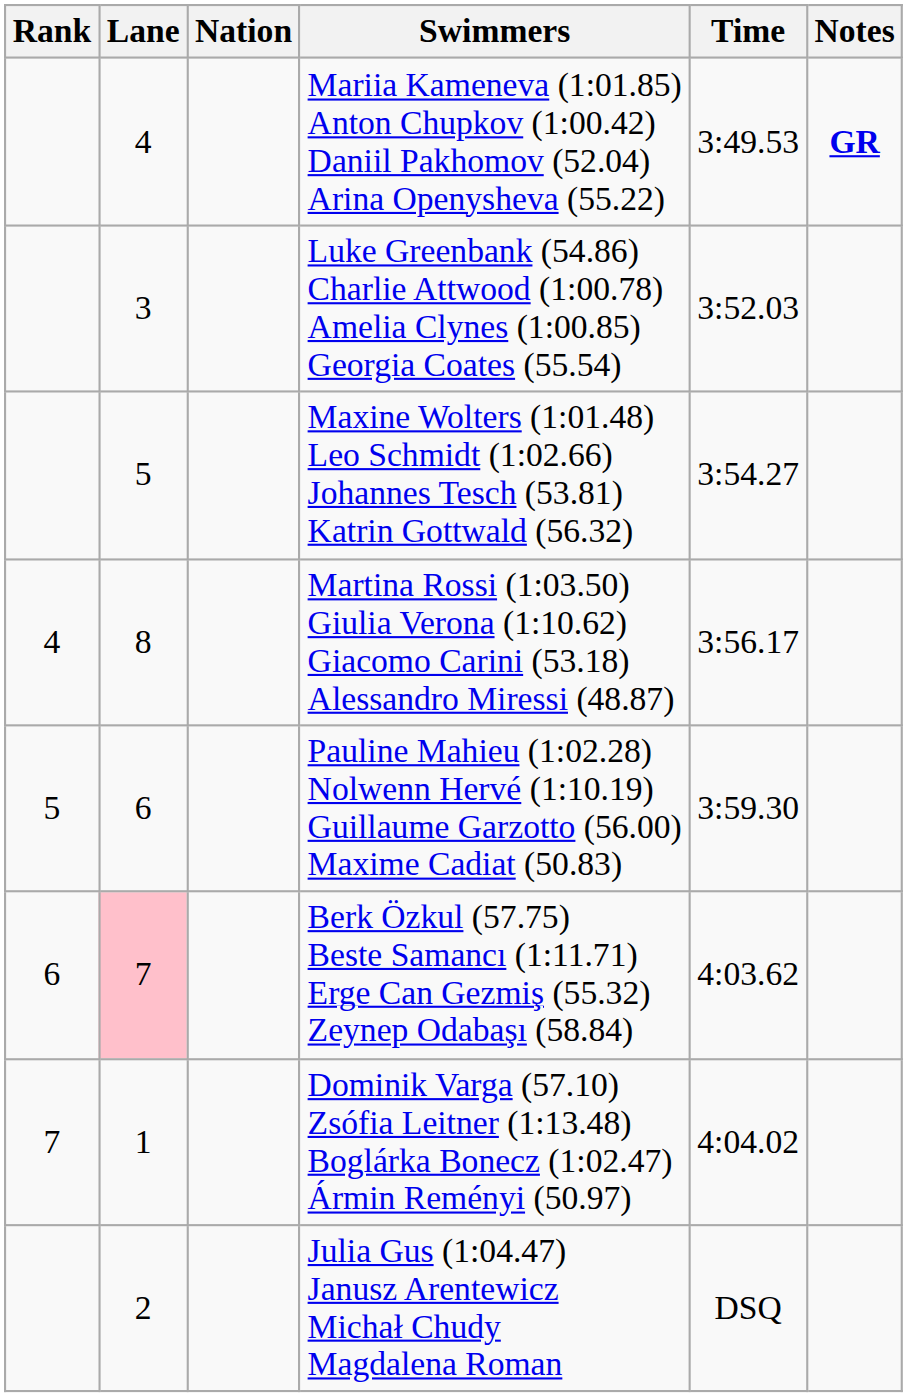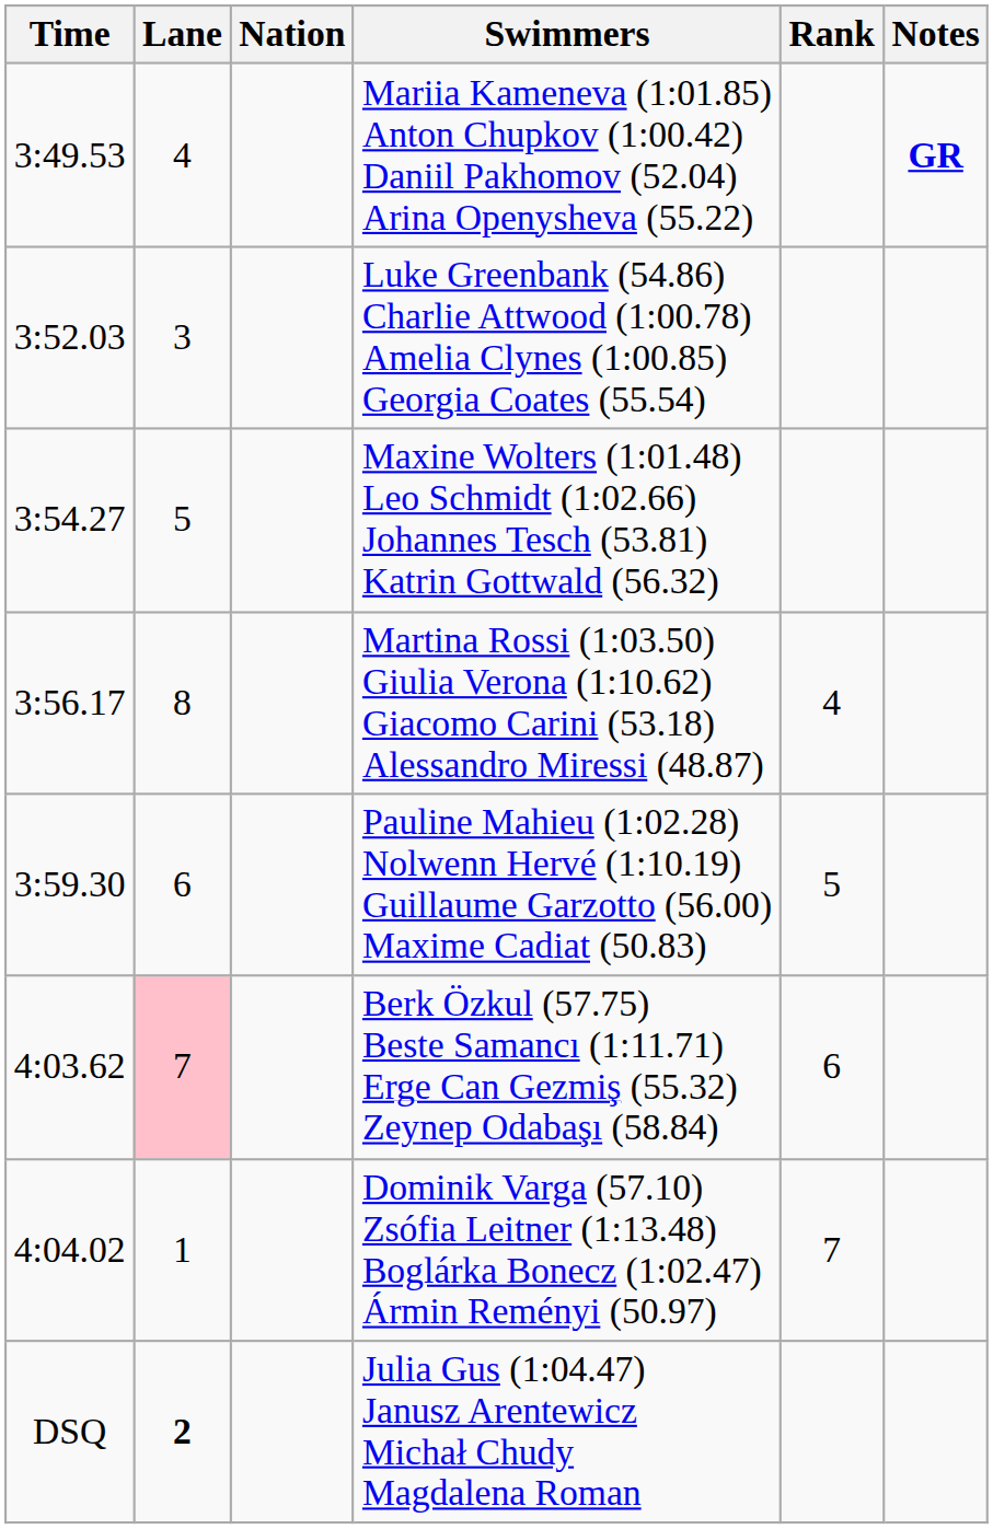 <table class="wikitable sortable" style="text-align:center">
 <tr>
-<th>Rank</th>
+<th>Time</th>
 <th>Lane</th>
 <th>Nation</th>
 <th>Swimmers</th>
-<th>Time</th>
+<th>Rank</th>
 <th>Notes</th>
 </tr>
 <tr>
-<td></td>
+<td>3:49.53</td>
 <td>4</td>
 <td align=left></td>
 <td align=left><a href='#'>Mariia Kameneva</a> (1:01.85)<br><a href='#'>Anton Chupkov</a> (1:00.42)<br><a href='#'>Daniil Pakhomov</a> (52.04)<br><a href='#'>Arina Openysheva</a> (55.22)</td>
-<td>3:49.53</td>
+<td></td>
 <td><a href='#'><strong>GR</strong></a></td>
 </tr>
 <tr>
-<td></td>
+<td>3:52.03</td>
 <td>3</td>
 <td align=left></td>
 <td align=left><a href='#'>Luke Greenbank</a> (54.86)<br><a href='#'>Charlie Attwood</a> (1:00.78)<br><a href='#'>Amelia Clynes</a> (1:00.85)<br><a href='#'>Georgia Coates</a> (55.54)</td>
-<td>3:52.03</td>
+<td></td>
 <td></td>
 </tr>
 <tr>
-<td></td>
+<td>3:54.27</td>
 <td>5</td>
 <td align=left></td>
 <td align=left><a href='#'>Maxine Wolters</a> (1:01.48)<br><a href='#'>Leo Schmidt</a> (1:02.66)<br><a href='#'>Johannes Tesch</a> (53.81)<br><a href='#'>Katrin Gottwald</a> (56.32)</td>
-<td>3:54.27</td>
+<td></td>
 <td></td>
 </tr>
 <tr>
-<td>4</td>
+<td>3:56.17</td>
 <td>8</td>
 <td align=left></td>
 <td align=left><a href='#'>Martina Rossi</a> (1:03.50)<br><a href='#'>Giulia Verona</a> (1:10.62)<br><a href='#'>Giacomo Carini</a> (53.18)<br><a href='#'>Alessandro Miressi</a> (48.87)</td>
-<td>3:56.17</td>
+<td>4</td>
 <td></td>
 </tr>
 <tr>
-<td>5</td>
+<td>3:59.30</td>
 <td>6</td>
 <td align=left></td>
 <td align=left><a href='#'>Pauline Mahieu</a> (1:02.28)<br><a href='#'>Nolwenn Hervé</a> (1:10.19)<br><a href='#'>Guillaume Garzotto</a> (56.00)<br><a href='#'>Maxime Cadiat</a> (50.83)</td>
-<td>3:59.30</td>
+<td>5</td>
 <td></td>
 </tr>
 <tr>
-<td>6</td>
+<td>4:03.62</td>
 <td style="background: pink;">7</td>
 <td align=left></td>
 <td align=left><a href='#'>Berk Özkul</a> (57.75)<br><a href='#'>Beste Samancı</a> (1:11.71)<br><a href='#'>Erge Can Gezmiş</a> (55.32)<br><a href='#'>Zeynep Odabaşı</a> (58.84)</td>
-<td>4:03.62</td>
+<td>6</td>
 <td></td>
 </tr>
 <tr>
-<td>7</td>
+<td>4:04.02</td>
 <td>1</td>
 <td align=left></td>
 <td align=left><a href='#'>Dominik Varga</a> (57.10)<br><a href='#'>Zsófia Leitner</a> (1:13.48)<br><a href='#'>Boglárka Bonecz</a> (1:02.47)<br><a href='#'>Ármin Reményi</a> (50.97)</td>
-<td>4:04.02</td>
+<td>7</td>
 <td></td>
 </tr>
 <tr>
-<td></td>
-<td>2</td>
+<td>DSQ</td>
+<td><strong>2</strong></td>
 <td align=left></td>
 <td align=left><a href='#'>Julia Gus</a> (1:04.47)<br><a href='#'>Janusz Arentewicz</a><br><a href='#'>Michał Chudy</a><br><a href='#'>Magdalena Roman</a></td>
-<td>DSQ</td>
+<td></td>
 <td></td>
 </tr>
 </table>
